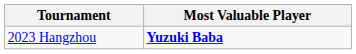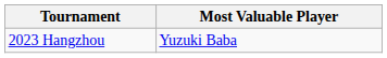 <table class=wikitable style="width: 400px;">
 <tr>
 <th style="width: 40%;">Tournament</th>
 <th style="width: 60%;">Most Valuable Player</th>
 </tr>
 <tr>
 <td><a href='#'>2023 Hangzhou</a></td>
-<td><strong> <a href='#'>Yuzuki Baba</a></strong></td>
+<td> <a href='#'>Yuzuki Baba</a></td>
 </tr>
 </table>
